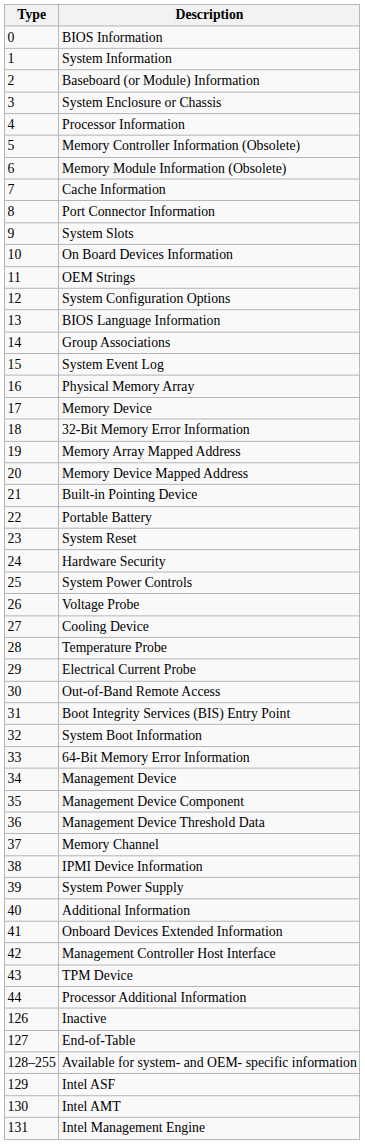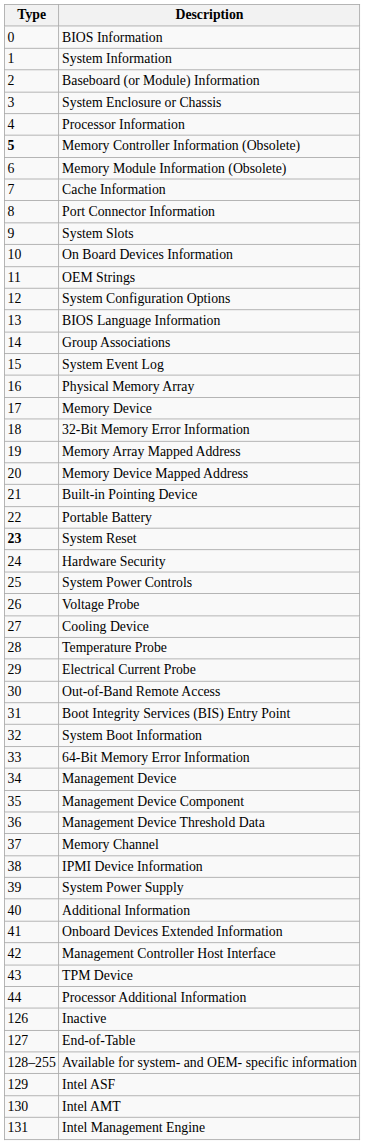 <table class="wikitable collapsible collapsed">
 <tr>
 <th>Type</th>
 <th>Description</th>
 </tr>
 <tr>
 <td>0</td>
 <td>BIOS Information</td>
 </tr>
 <tr>
 <td>1</td>
 <td>System Information</td>
 </tr>
 <tr>
 <td>2</td>
 <td>Baseboard (or Module) Information</td>
 </tr>
 <tr>
 <td>3</td>
 <td>System Enclosure or Chassis</td>
 </tr>
 <tr>
 <td>4</td>
 <td>Processor Information</td>
 </tr>
 <tr>
-<td>5</td>
+<td><strong>5</strong></td>
 <td>Memory Controller Information (Obsolete)</td>
 </tr>
 <tr>
 <td>6</td>
 <td>Memory Module Information (Obsolete)</td>
 </tr>
 <tr>
 <td>7</td>
 <td>Cache Information</td>
 </tr>
 <tr>
 <td>8</td>
 <td>Port Connector Information</td>
 </tr>
 <tr>
 <td>9</td>
 <td>System Slots</td>
 </tr>
 <tr>
 <td>10</td>
 <td>On Board Devices Information</td>
 </tr>
 <tr>
 <td>11</td>
 <td>OEM Strings</td>
 </tr>
 <tr>
 <td>12</td>
 <td>System Configuration Options</td>
 </tr>
 <tr>
 <td>13</td>
 <td>BIOS Language Information</td>
 </tr>
 <tr>
 <td>14</td>
 <td>Group Associations</td>
 </tr>
 <tr>
 <td>15</td>
 <td>System Event Log</td>
 </tr>
 <tr>
 <td>16</td>
 <td>Physical Memory Array</td>
 </tr>
 <tr>
 <td>17</td>
 <td>Memory Device</td>
 </tr>
 <tr>
 <td>18</td>
 <td>32-Bit Memory Error Information</td>
 </tr>
 <tr>
 <td>19</td>
 <td>Memory Array Mapped Address</td>
 </tr>
 <tr>
 <td>20</td>
 <td>Memory Device Mapped Address</td>
 </tr>
 <tr>
 <td>21</td>
 <td>Built-in Pointing Device</td>
 </tr>
 <tr>
 <td>22</td>
 <td>Portable Battery</td>
 </tr>
 <tr>
-<td>23</td>
+<td><strong>23</strong></td>
 <td>System Reset</td>
 </tr>
 <tr>
 <td>24</td>
 <td>Hardware Security</td>
 </tr>
 <tr>
 <td>25</td>
 <td>System Power Controls</td>
 </tr>
 <tr>
 <td>26</td>
 <td>Voltage Probe</td>
 </tr>
 <tr>
 <td>27</td>
 <td>Cooling Device</td>
 </tr>
 <tr>
 <td>28</td>
 <td>Temperature Probe</td>
 </tr>
 <tr>
 <td>29</td>
 <td>Electrical Current Probe</td>
 </tr>
 <tr>
 <td>30</td>
 <td>Out-of-Band Remote Access</td>
 </tr>
 <tr>
 <td>31</td>
 <td>Boot Integrity Services (BIS) Entry Point</td>
 </tr>
 <tr>
 <td>32</td>
 <td>System Boot Information</td>
 </tr>
 <tr>
 <td>33</td>
 <td>64-Bit Memory Error Information</td>
 </tr>
 <tr>
 <td>34</td>
 <td>Management Device</td>
 </tr>
 <tr>
 <td>35</td>
 <td>Management Device Component</td>
 </tr>
 <tr>
 <td>36</td>
 <td>Management Device Threshold Data</td>
 </tr>
 <tr>
 <td>37</td>
 <td>Memory Channel</td>
 </tr>
 <tr>
 <td>38</td>
 <td>IPMI Device Information</td>
 </tr>
 <tr>
 <td>39</td>
 <td>System Power Supply</td>
 </tr>
 <tr>
 <td>40</td>
 <td>Additional Information</td>
 </tr>
 <tr>
 <td>41</td>
 <td>Onboard Devices Extended Information</td>
 </tr>
 <tr>
 <td>42</td>
 <td>Management Controller Host Interface</td>
 </tr>
 <tr>
 <td>43</td>
 <td>TPM Device</td>
 </tr>
 <tr>
 <td>44</td>
 <td>Processor Additional Information</td>
 </tr>
 <tr>
 <td>126</td>
 <td>Inactive</td>
 </tr>
 <tr>
 <td>127</td>
 <td>End-of-Table</td>
 </tr>
 <tr>
 <td>128–255</td>
 <td>Available for system- and OEM- specific information</td>
 </tr>
 <tr>
 <td>129</td>
 <td>Intel ASF</td>
 </tr>
 <tr>
 <td>130</td>
 <td>Intel AMT</td>
 </tr>
 <tr>
 <td>131</td>
 <td>Intel Management Engine</td>
 </tr>
 </table>
